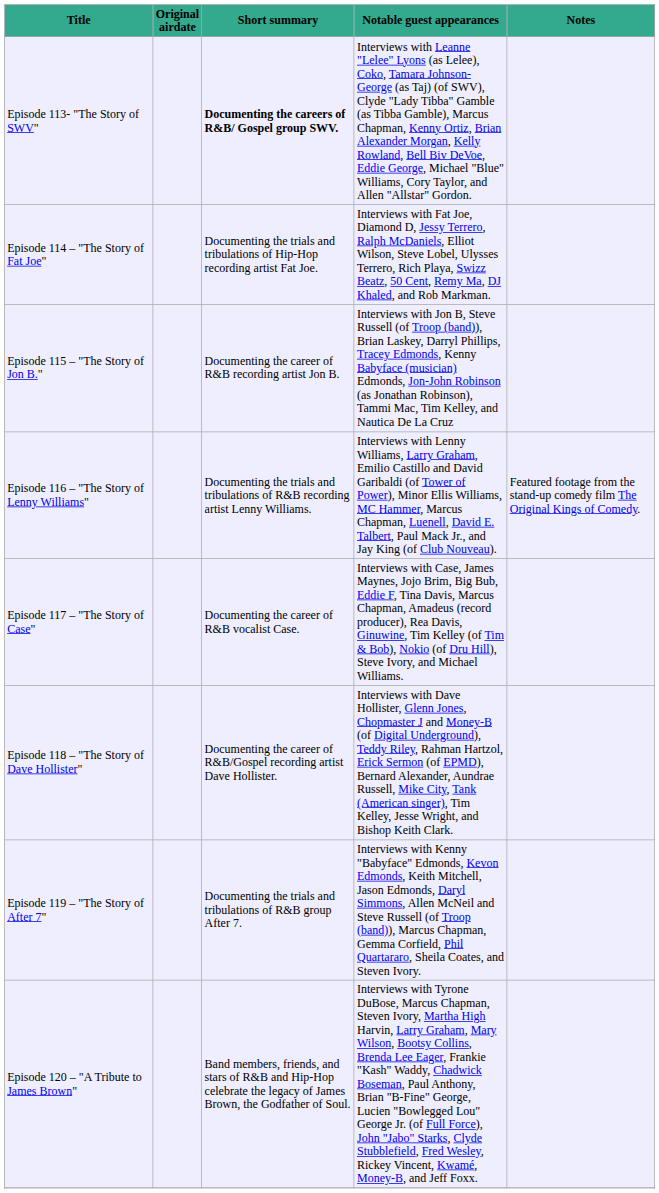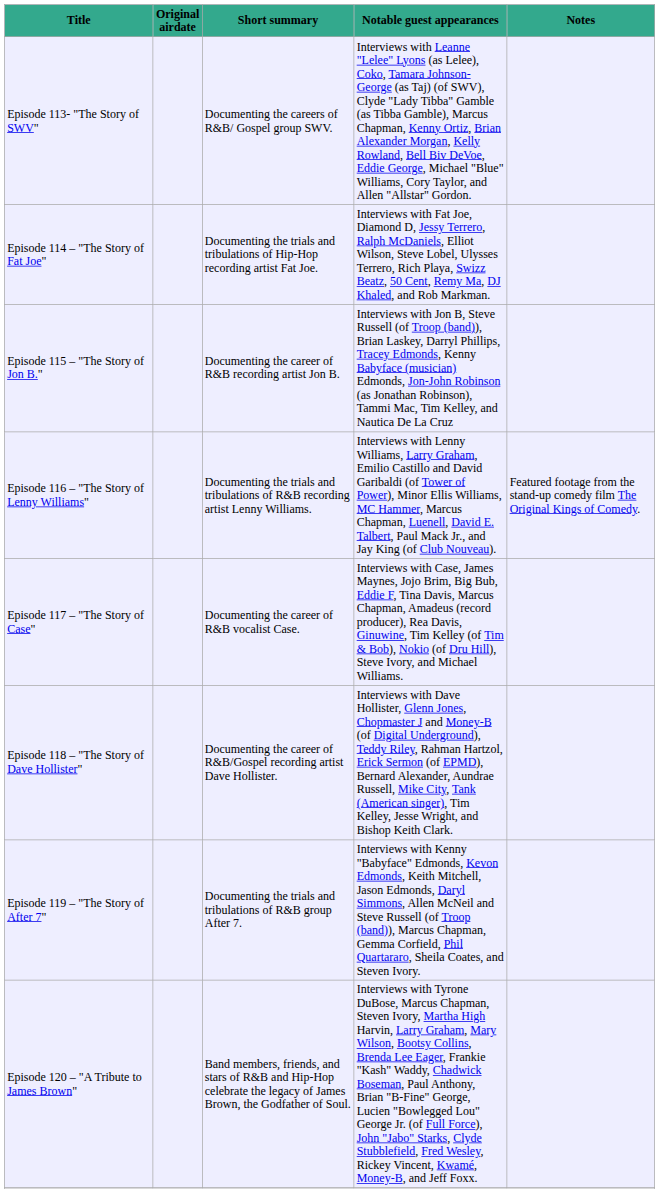 <table class="wikitable" style="background:#EEEEFF">
 <tr>
 <th scope="col" style="background-color: #33A98D" width="220">Title</th>
 <th scope="col" style="background-color: #33A98D" width="40pt">Original airdate</th>
 <th scope="col" style="background-color: #33A98D" width="220">Short summary</th>
 <th scope="col" style="background-color: #33A98D" width="220">Notable guest appearances</th>
 <th scope="col" style="background-color: #33A98D" width="220">Notes</th>
 </tr>
 <tr>
 <td>Episode 113-  "The Story of <a href='#'>SWV</a>"</td>
 <td></td>
-<td><strong>Documenting the careers of R&B/ Gospel group SWV.</strong></td>
+<td>Documenting the careers of R&B/ Gospel group SWV.</td>
 <td>Interviews with <a href='#'>Leanne "Lelee" Lyons</a> (as Lelee), <a href='#'>Coko</a>, <a href='#'>Tamara Johnson-George</a> (as Taj) (of SWV), Clyde "Lady Tibba" Gamble (as Tibba Gamble), Marcus Chapman, <a href='#'>Kenny Ortiz</a>, <a href='#'>Brian Alexander Morgan</a>, <a href='#'>Kelly Rowland</a>, <a href='#'>Bell Biv DeVoe</a>, <a href='#'>Eddie George</a>, Michael "Blue" Williams, Cory Taylor, and Allen "Allstar" Gordon.</td>
 <td></td>
 </tr>
 <tr>
 <td>Episode 114 – "The Story of <a href='#'>Fat Joe</a>"</td>
 <td></td>
 <td>Documenting the trials and tribulations of Hip-Hop recording artist Fat Joe.</td>
 <td>Interviews with Fat Joe, Diamond D, <a href='#'>Jessy Terrero</a>, <a href='#'>Ralph McDaniels</a>, Elliot Wilson, Steve Lobel, Ulysses Terrero, Rich Playa, <a href='#'>Swizz Beatz</a>, <a href='#'>50 Cent</a>, <a href='#'>Remy Ma</a>, <a href='#'>DJ Khaled</a>, and Rob Markman.</td>
 <td></td>
 </tr>
 <tr>
 <td>Episode 115 – "The Story of <a href='#'>Jon B.</a>"</td>
 <td></td>
 <td>Documenting the career of R&B recording artist Jon B.</td>
 <td>Interviews with Jon B, Steve Russell (of <a href='#'>Troop (band)</a>), Brian Laskey, Darryl Phillips, <a href='#'>Tracey Edmonds</a>, Kenny <a href='#'>Babyface (musician)</a> Edmonds, <a href='#'>Jon-John Robinson</a> (as Jonathan Robinson), Tammi Mac, Tim Kelley, and Nautica De La Cruz</td>
 <td></td>
 </tr>
 <tr>
 <td>Episode 116 – "The Story of <a href='#'>Lenny Williams</a>"</td>
 <td></td>
 <td>Documenting the trials and tribulations of R&B recording artist Lenny Williams.</td>
 <td>Interviews with Lenny Williams, <a href='#'>Larry Graham</a>, Emilio Castillo and David Garibaldi (of <a href='#'>Tower of Power</a>), Minor Ellis Williams, <a href='#'>MC Hammer</a>, Marcus Chapman, <a href='#'>Luenell</a>, <a href='#'>David E. Talbert</a>, Paul Mack Jr., and Jay King (of <a href='#'>Club Nouveau</a>).</td>
 <td>Featured footage from the stand-up comedy film <a href='#'>The Original Kings of Comedy</a>.</td>
 </tr>
 <tr>
 <td>Episode 117 – "The Story of <a href='#'>Case</a>"</td>
 <td></td>
 <td>Documenting the career of R&B vocalist Case.</td>
 <td>Interviews with Case, James Maynes, Jojo Brim, Big Bub, <a href='#'>Eddie F</a>, Tina Davis, Marcus Chapman, Amadeus (record producer), Rea Davis, <a href='#'>Ginuwine</a>, Tim Kelley (of <a href='#'>Tim & Bob</a>), <a href='#'>Nokio</a> (of <a href='#'>Dru Hill</a>), Steve Ivory, and Michael Williams.</td>
 <td></td>
 </tr>
 <tr>
 <td>Episode 118 – "The Story of <a href='#'>Dave Hollister</a>"</td>
 <td></td>
 <td>Documenting the career of R&B/Gospel recording artist Dave Hollister.</td>
 <td>Interviews with Dave Hollister, <a href='#'>Glenn Jones</a>, <a href='#'>Chopmaster J</a> and <a href='#'>Money-B</a> (of <a href='#'>Digital Underground</a>), <a href='#'>Teddy Riley</a>, Rahman Hartzol, <a href='#'>Erick Sermon</a> (of <a href='#'>EPMD</a>), Bernard Alexander, Aundrae Russell, <a href='#'>Mike City</a>, <a href='#'>Tank (American singer)</a>, Tim Kelley, Jesse Wright, and Bishop Keith Clark.</td>
 <td></td>
 </tr>
 <tr>
 <td>Episode 119 – "The Story of <a href='#'>After 7</a>"</td>
 <td></td>
 <td>Documenting the trials and tribulations of R&B group After 7.</td>
 <td>Interviews with Kenny "Babyface" Edmonds, <a href='#'>Kevon Edmonds</a>, Keith Mitchell, Jason Edmonds, <a href='#'>Daryl Simmons</a>, Allen McNeil and Steve Russell (of <a href='#'>Troop (band)</a>), Marcus Chapman, Gemma Corfield, <a href='#'>Phil Quartararo</a>, Sheila Coates, and Steven Ivory.</td>
 <td></td>
 </tr>
 <tr>
 <td>Episode 120 – "A Tribute to <a href='#'>James Brown</a>"</td>
 <td></td>
 <td>Band members, friends, and stars of R&B and Hip-Hop celebrate the legacy of James Brown, the Godfather of Soul.</td>
 <td>Interviews with Tyrone DuBose, Marcus Chapman, Steven Ivory, <a href='#'>Martha High</a> Harvin, <a href='#'>Larry Graham</a>, <a href='#'>Mary Wilson</a>, <a href='#'>Bootsy Collins</a>, <a href='#'>Brenda Lee Eager</a>, Frankie "Kash" Waddy, <a href='#'>Chadwick Boseman</a>, Paul Anthony, Brian "B-Fine" George, Lucien "Bowlegged Lou" George Jr. (of <a href='#'>Full Force</a>), <a href='#'>John "Jabo" Starks</a>, <a href='#'>Clyde Stubblefield</a>, <a href='#'>Fred Wesley</a>, Rickey Vincent, <a href='#'>Kwamé</a>, <a href='#'>Money-B</a>, and Jeff Foxx.</td>
 <td></td>
 </tr>
 <tr>
 </tr>
 <tr }>
 </tr>
 <tr>
 </tr>
 </table>
